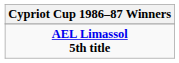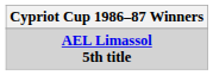 <table class="wikitable" style="text-align:center;margin: 0 auto;">
 <tr>
 <th>Cypriot Cup 1986–87 Winners</th>
 </tr>
 <tr>
 </tr>
 <tr>
-<td><strong><a href='#'>AEL Limassol</a></strong><br><strong>5th title</strong></td>
+<td style="background: lightgrey;"><strong><a href='#'>AEL Limassol</a></strong><br><strong>5th title</strong></td>
 </tr>
 </table>
